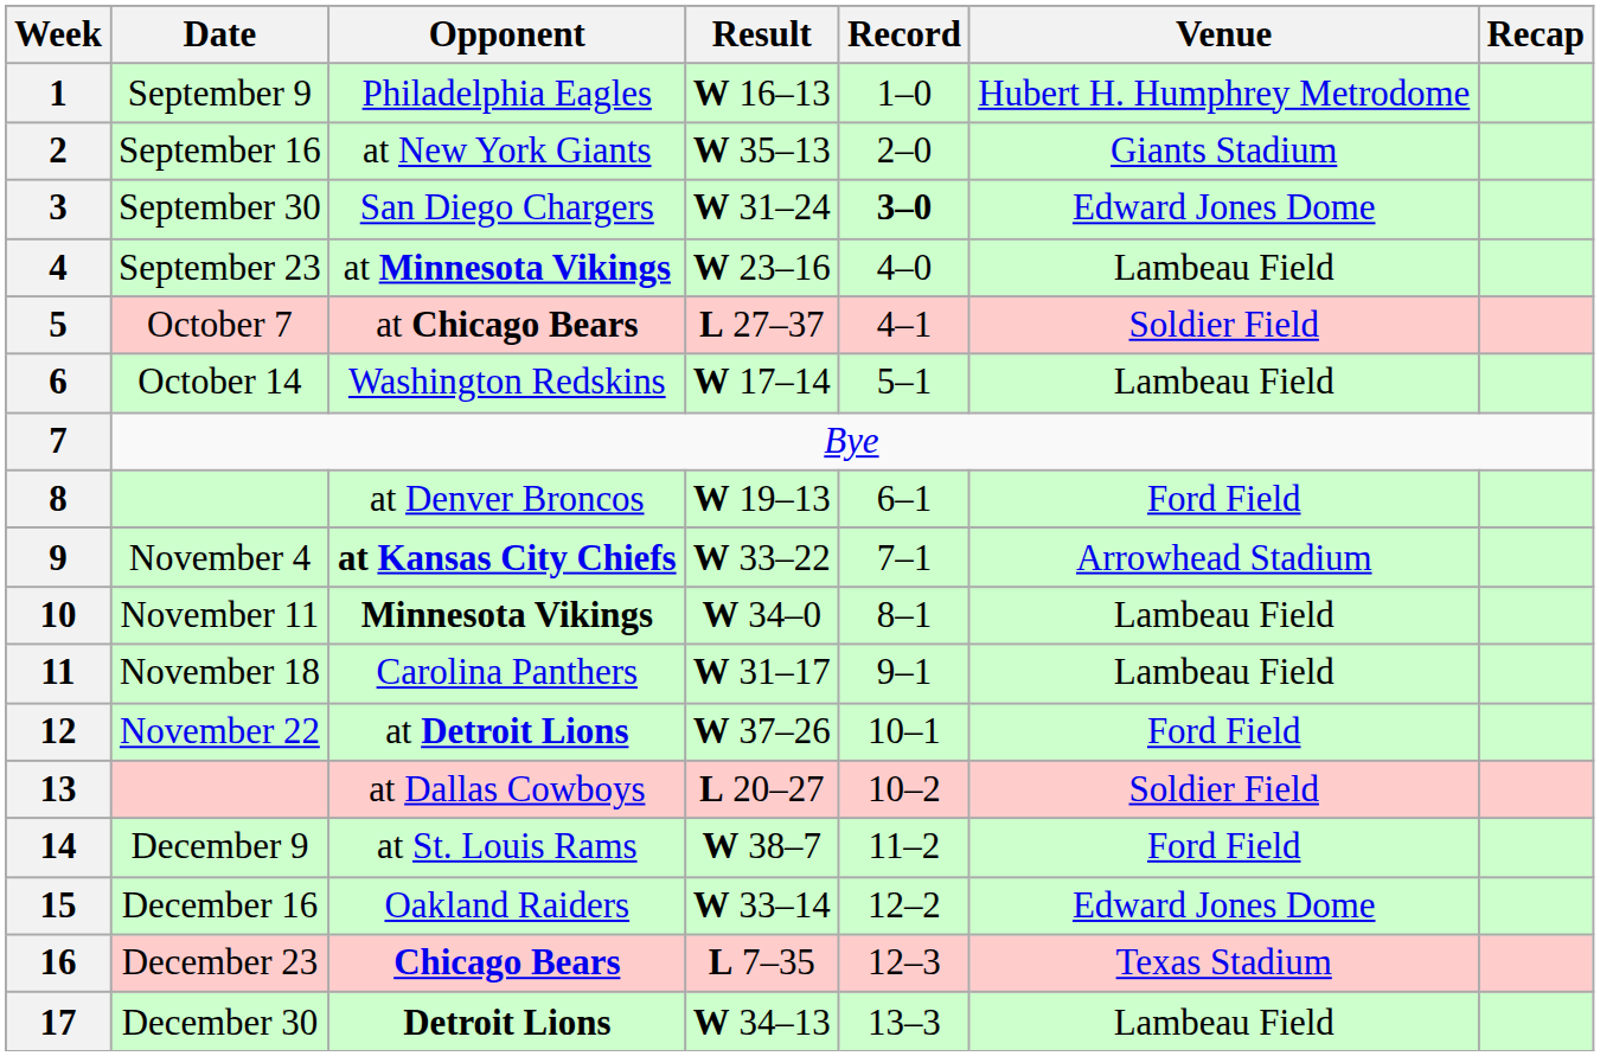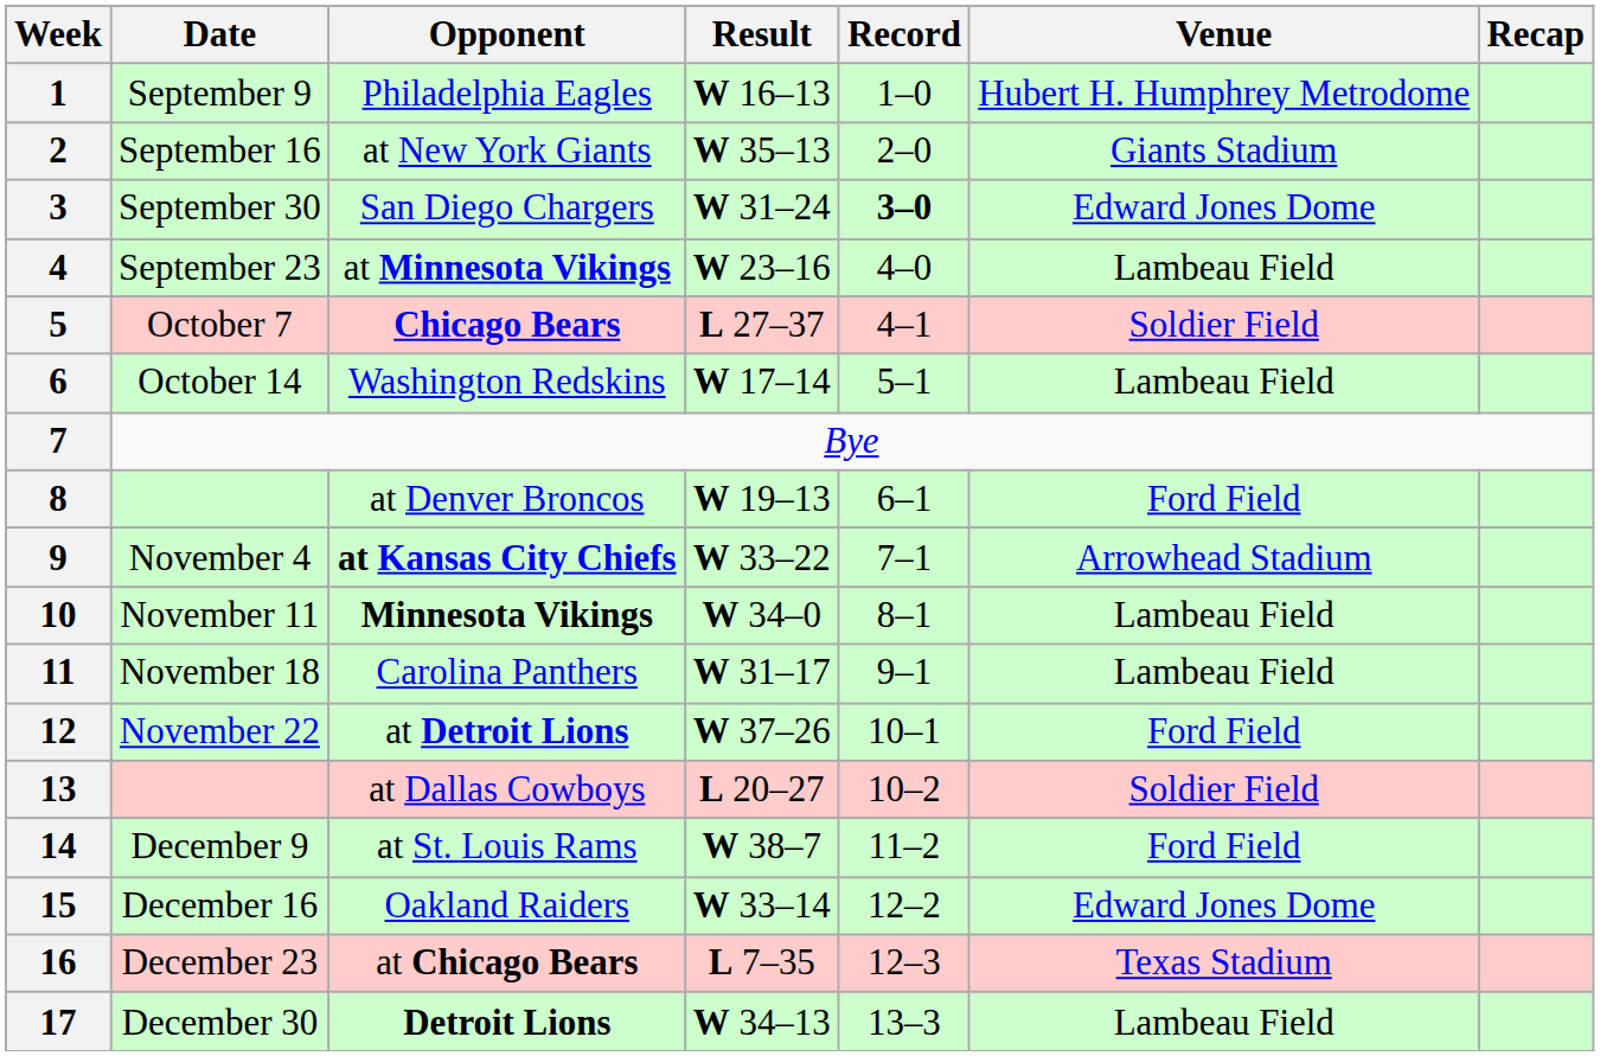 <table class="wikitable" style="text-align:center">
 <tr>
 <th>Week</th>
 <th>Date</th>
 <th>Opponent</th>
 <th>Result</th>
 <th>Record</th>
 <th>Venue</th>
 <th>Recap</th>
 </tr>
 <tr>
 <th>1</th>
 <td style="background:#cfc;">September 9</td>
 <td style="background:#cfc;"><a href='#'>Philadelphia Eagles</a></td>
 <td style="background:#cfc;"><strong>W</strong> 16–13</td>
 <td style="background:#cfc;">1–0</td>
 <td style="background:#cfc;"><a href='#'>Hubert H. Humphrey Metrodome</a></td>
 <td style="background:#cfc;"></td>
 </tr>
 <tr style="background:#cfc;">
 <th>2</th>
 <td>September 16</td>
 <td>at <a href='#'>New York Giants</a></td>
 <td><strong>W</strong> 35–13</td>
 <td>2–0</td>
 <td><a href='#'>Giants Stadium</a></td>
 <td style="background:#cfc;"></td>
 </tr>
 <tr>
 <th>3</th>
 <td style="background:#cfc;">September 30</td>
 <td style="background:#cfc;"><a href='#'>San Diego Chargers</a></td>
 <td style="background:#cfc;"><strong>W</strong> 31–24</td>
 <td style="background:#cfc;"><strong>3–0</strong></td>
 <td style="background:#cfc;"><a href='#'>Edward Jones Dome</a></td>
 <td style="background:#cfc;"></td>
 </tr>
 <tr>
 <th>4</th>
 <td style="background:#cfc;">September 23</td>
 <td style="background:#cfc;">at <strong><a href='#'>Minnesota Vikings</a></strong></td>
 <td style="background:#cfc;"><strong>W</strong> 23–16</td>
 <td style="background:#cfc;">4–0</td>
 <td style="background:#cfc;">Lambeau Field</td>
 <td style="background:#cfc;"></td>
 </tr>
 <tr>
 <th>5</th>
 <td style="background:#fcc;">October 7</td>
-<td style="background:#fcc;">at <strong>Chicago Bears</strong></td>
+<td style="background:#fcc;"><strong><a href='#'>Chicago Bears</a></strong></td>
 <td style="background:#fcc;"><strong>L</strong> 27–37</td>
 <td style="background:#fcc;">4–1</td>
 <td style="background:#fcc;"><a href='#'>Soldier Field</a></td>
 <td style="background:#fcc;"></td>
 </tr>
 <tr>
 <th>6</th>
 <td style="background:#cfc;">October 14</td>
 <td style="background:#cfc;"><a href='#'>Washington Redskins</a></td>
 <td style="background:#cfc;"><strong>W</strong> 17–14</td>
 <td style="background:#cfc;">5–1</td>
 <td style="background:#cfc;">Lambeau Field</td>
 <td style="background:#cfc;"></td>
 </tr>
 <tr>
 <th>7</th>
 <td colspan="7" style="text-align:center;"><em><a href='#'>Bye</a></em></td>
 </tr>
 <tr>
 <th>8</th>
 <td style="background:#cfc;"></td>
 <td style="background:#cfc;">at <a href='#'>Denver Broncos</a></td>
 <td style="background:#cfc;"><strong>W</strong> 19–13 </td>
 <td style="background:#cfc;">6–1</td>
 <td style="background:#cfc;"><a href='#'>Ford Field</a></td>
 <td style="background:#cfc;"></td>
 </tr>
 <tr>
 <th>9</th>
 <td style="background:#cfc;">November 4</td>
 <td style="background:#cfc;"><strong>at <a href='#'>Kansas City Chiefs</a></strong></td>
 <td style="background:#cfc;"><strong>W</strong> 33–22</td>
 <td style="background:#cfc;">7–1</td>
 <td style="background:#cfc;"><a href='#'>Arrowhead Stadium</a></td>
 <td style="background:#cfc;"></td>
 </tr>
 <tr>
 <th>10</th>
 <td style="background:#cfc;">November 11</td>
 <td style="background:#cfc;"><strong>Minnesota Vikings</strong></td>
 <td style="background:#cfc;"><strong>W</strong> 34–0</td>
 <td style="background:#cfc;">8–1</td>
 <td style="background:#cfc;">Lambeau Field</td>
 <td style="background:#cfc;"></td>
 </tr>
 <tr>
 <th>11</th>
 <td style="background:#cfc;">November 18</td>
 <td style="background:#cfc;"><a href='#'>Carolina Panthers</a></td>
 <td style="background:#cfc;"><strong>W</strong> 31–17</td>
 <td style="background:#cfc;">9–1</td>
 <td style="background:#cfc;">Lambeau Field</td>
 <td style="background:#cfc;"></td>
 </tr>
 <tr>
 <th>12</th>
 <td style="background:#cfc;"><a href='#'>November 22</a></td>
 <td style="background:#cfc;">at <strong><a href='#'>Detroit Lions</a></strong></td>
 <td style="background:#cfc;"><strong>W</strong> 37–26</td>
 <td style="background:#cfc;">10–1</td>
 <td style="background:#cfc;"><a href='#'>Ford Field</a></td>
 <td style="background:#cfc;"></td>
 </tr>
 <tr>
 <th>13</th>
 <td style="background:#fcc;"></td>
 <td style="background:#fcc;">at <a href='#'>Dallas Cowboys</a></td>
 <td style="background:#fcc;"><strong>L</strong> 20–27</td>
 <td style="background:#fcc;">10–2</td>
 <td style="background:#fcc;"><a href='#'>Soldier Field</a></td>
 <td style="background:#fcc;"></td>
 </tr>
 <tr>
 <th>14</th>
 <td style="background:#cfc;">December 9</td>
 <td style="background:#cfc;">at <a href='#'>St. Louis Rams</a></td>
 <td style="background:#cfc;"><strong>W</strong> 38–7</td>
 <td style="background:#cfc;">11–2</td>
 <td style="background:#cfc;"><a href='#'>Ford Field</a></td>
 <td style="background:#cfc;"></td>
 </tr>
 <tr>
 <th>15</th>
 <td style="background:#cfc;">December 16</td>
 <td style="background:#cfc;"><a href='#'>Oakland Raiders</a></td>
 <td style="background:#cfc;"><strong>W</strong> 33–14</td>
 <td style="background:#cfc;">12–2</td>
 <td style="background:#cfc;"><a href='#'>Edward Jones Dome</a></td>
 <td style="background:#cfc;"></td>
 </tr>
 <tr>
 <th>16</th>
 <td style="background:#fcc;">December 23</td>
-<td style="background:#fcc;"><strong><a href='#'>Chicago Bears</a></strong></td>
+<td style="background:#fcc;">at <strong>Chicago Bears</strong></td>
 <td style="background:#fcc;"><strong>L</strong> 7–35</td>
 <td style="background:#fcc;">12–3</td>
 <td style="background:#fcc;"><a href='#'>Texas Stadium</a></td>
 <td style="background:#fcc;"></td>
 </tr>
 <tr>
 <th>17</th>
 <td style="background:#cfc;">December 30</td>
 <td style="background:#cfc;"><strong>Detroit Lions</strong></td>
 <td style="background:#cfc;"><strong>W</strong> 34–13</td>
 <td style="background:#cfc;">13–3</td>
 <td style="background:#cfc;">Lambeau Field</td>
 <td style="background:#cfc;"></td>
 </tr>
 </table>
